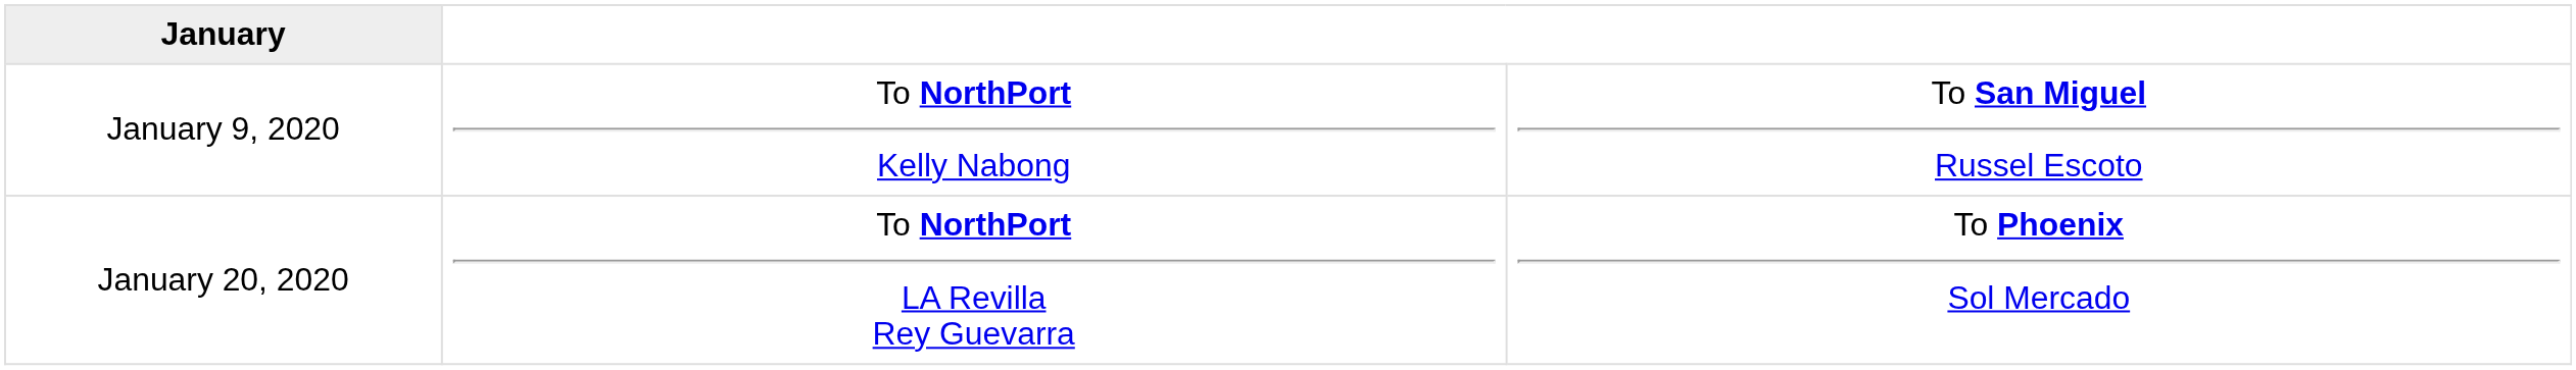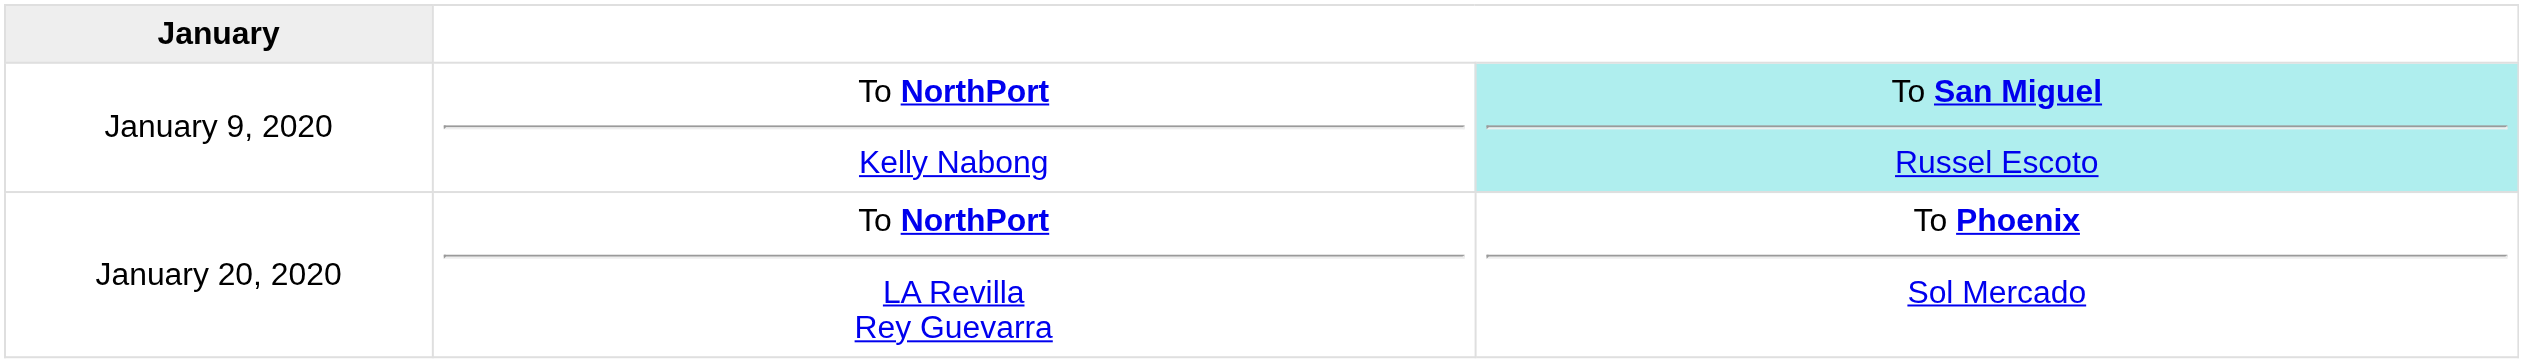 <table border=1 style="border-collapse:collapse; text-align: center; width: 100%" bordercolor="#DFDFDF"  cellpadding="5">
 <tr bgcolor="eeeeee">
 <th>January</th>
 </tr>
 <tr>
 <td style="width:12%">January 9, 2020</td>
 <td style="width:29.3%" valign="top">To <strong><a href='#'>NorthPort</a></strong><hr><a href='#'>Kelly Nabong</a></td>
-<td style="width:29.3%" valign="top">To <strong><a href='#'>San Miguel</a></strong><hr><a href='#'>Russel Escoto</a></td>
+<td style="background: paleturquoise; width:29.3%" valign="top">To <strong><a href='#'>San Miguel</a></strong><hr><a href='#'>Russel Escoto</a></td>
 </tr>
 <tr>
 <td style="width:12%" rowspan=4>January 20, 2020</td>
 <td style="width:29.3%" valign="top">To <strong><a href='#'>NorthPort</a></strong><hr><a href='#'>LA Revilla</a><br><a href='#'>Rey Guevarra</a></td>
 <td style="width:29.3%" valign="top">To <strong><a href='#'>Phoenix</a></strong><hr><a href='#'>Sol Mercado</a></td>
 </tr>
 </table>
